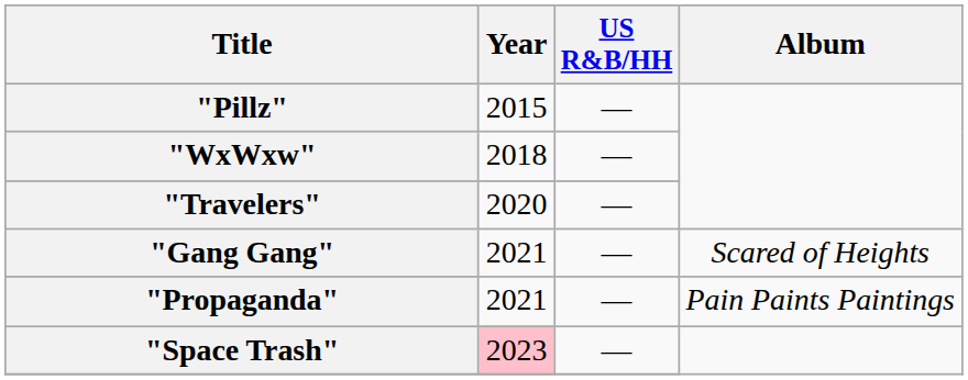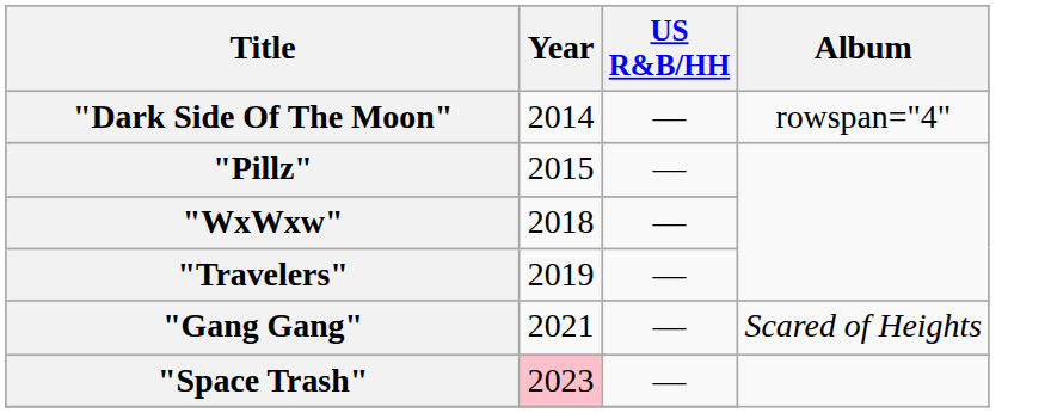 <table class="wikitable plainrowheaders" style="text-align:center;">
 <tr>
 <th scope="col" style="width:15em;">Title</th>
 <th scope="col">Year</th>
 <th scope="col" style="width:3em;font-size:90%;"><a href='#'>US<br>R&B/HH</a></th>
 <th scope="col">Album</th>
+</tr>
+<tr>
+<th scope="row">"Dark Side Of The Moon"<br></th>
+<td>2014</td>
+<td>—</td>
+<td>rowspan="4" </td>
 </tr>
 <tr>
 <th scope="row">"Pillz"<br></th>
 <td>2015</td>
 <td>—</td>
 </tr>
 <tr>
 <th scope="row">"WxWxw"<br></th>
 <td>2018</td>
 <td>—</td>
 </tr>
 <tr>
 <th scope="row">"Travelers"<br></th>
-<td>2020</td>
+<td>2019</td>
 <td>—</td>
 </tr>
 <tr>
 <th scope="row">"Gang Gang"<br></th>
 <td>2021</td>
 <td>—</td>
 <td><em>Scared of Heights</em></td>
 </tr>
 <tr>
-<th scope="row">"Propaganda" <br> </th>
-<td>2021</td>
-<td>—</td>
-<td><em>Pain Paints Paintings</em></td>
-</tr>
-<tr>
 <th scope="row">"Space Trash"<br></th>
 <td style="background: pink;">2023</td>
 <td>—</td>
 </tr>
 <tr>
 </tr>
 </table>
